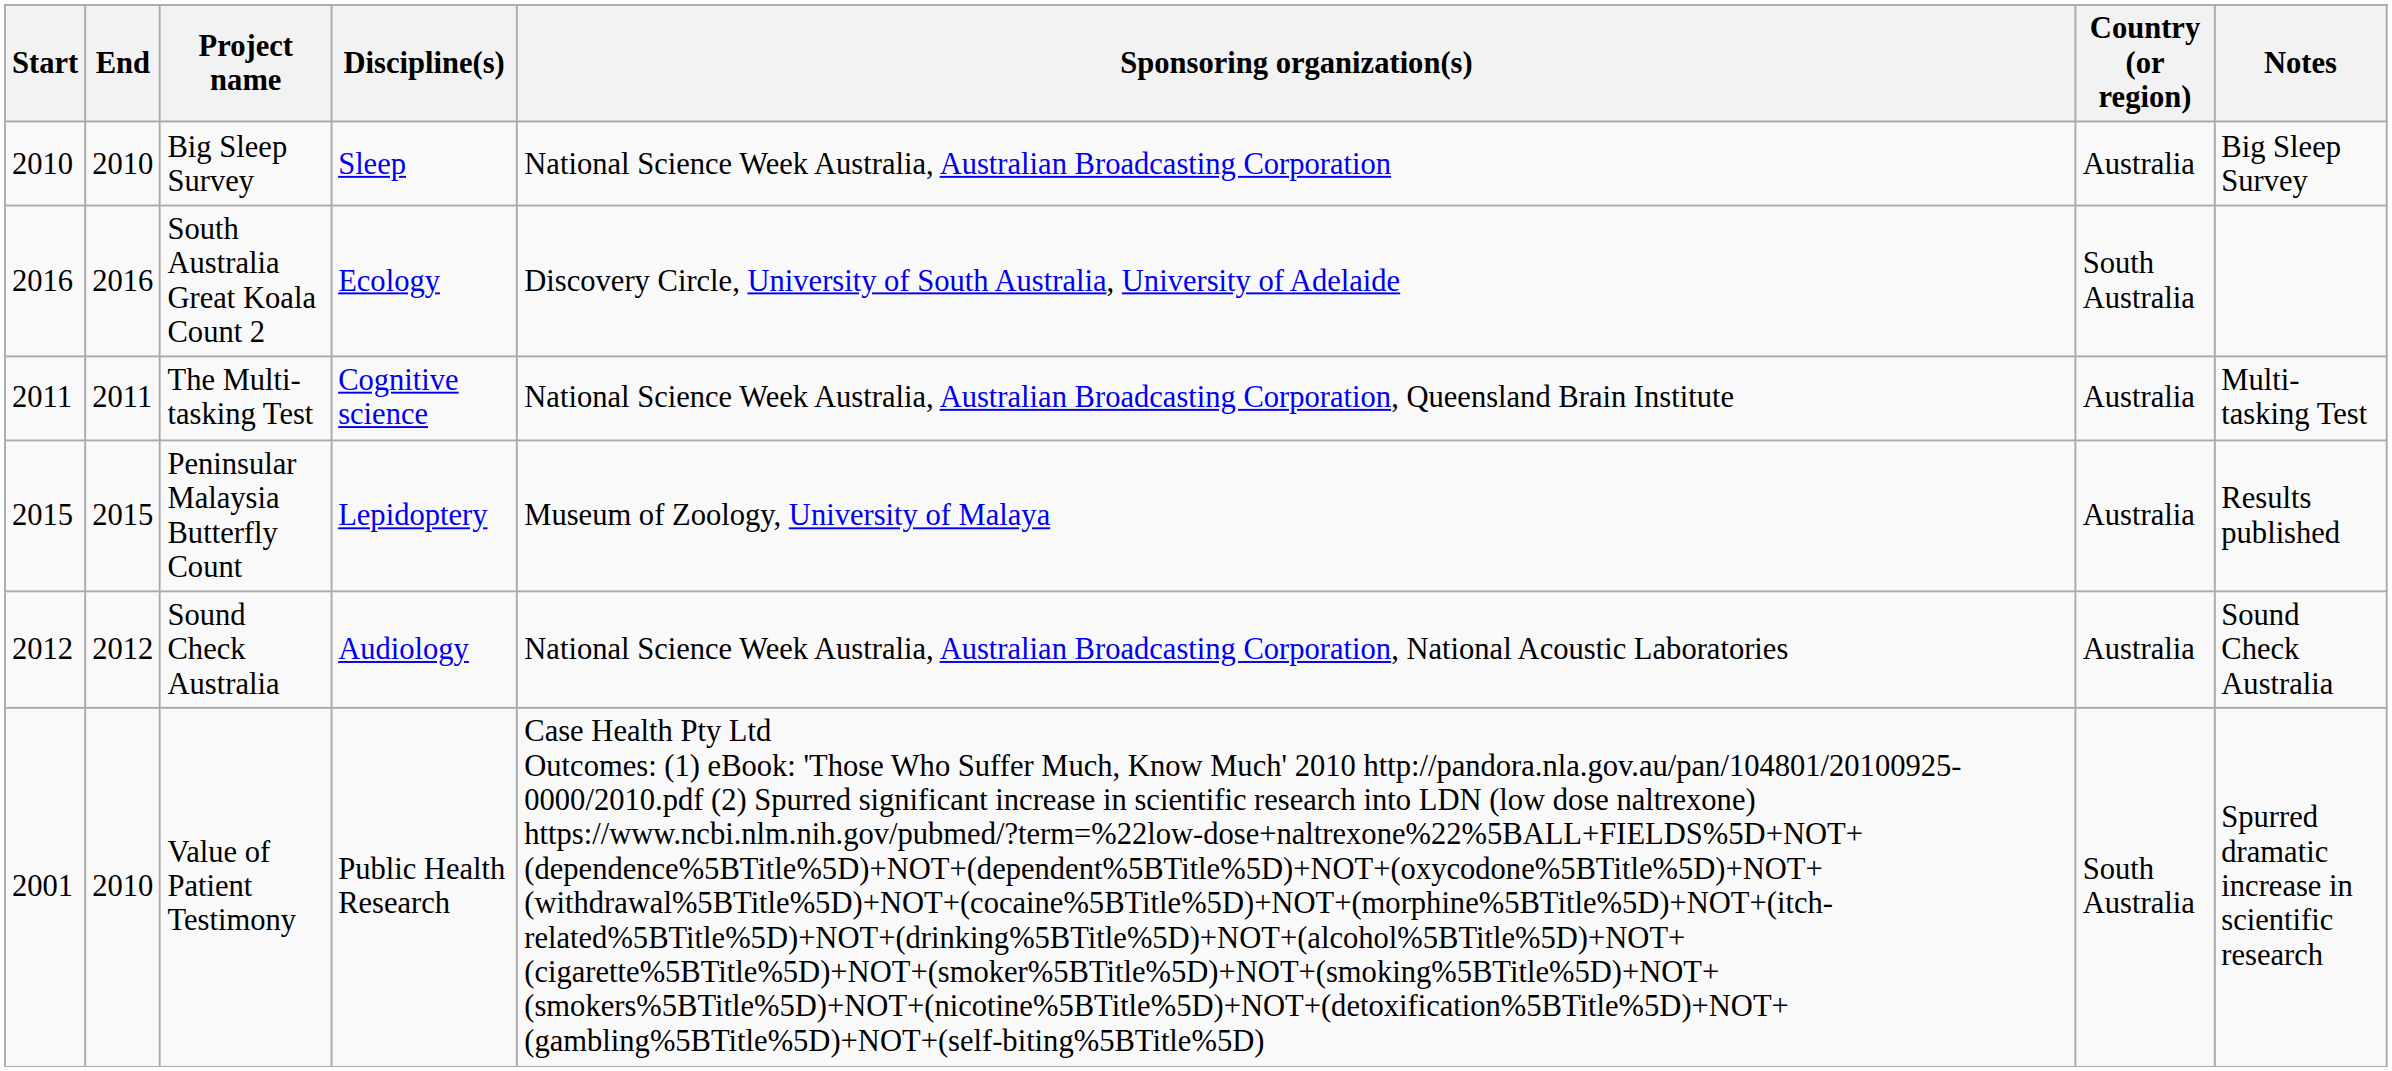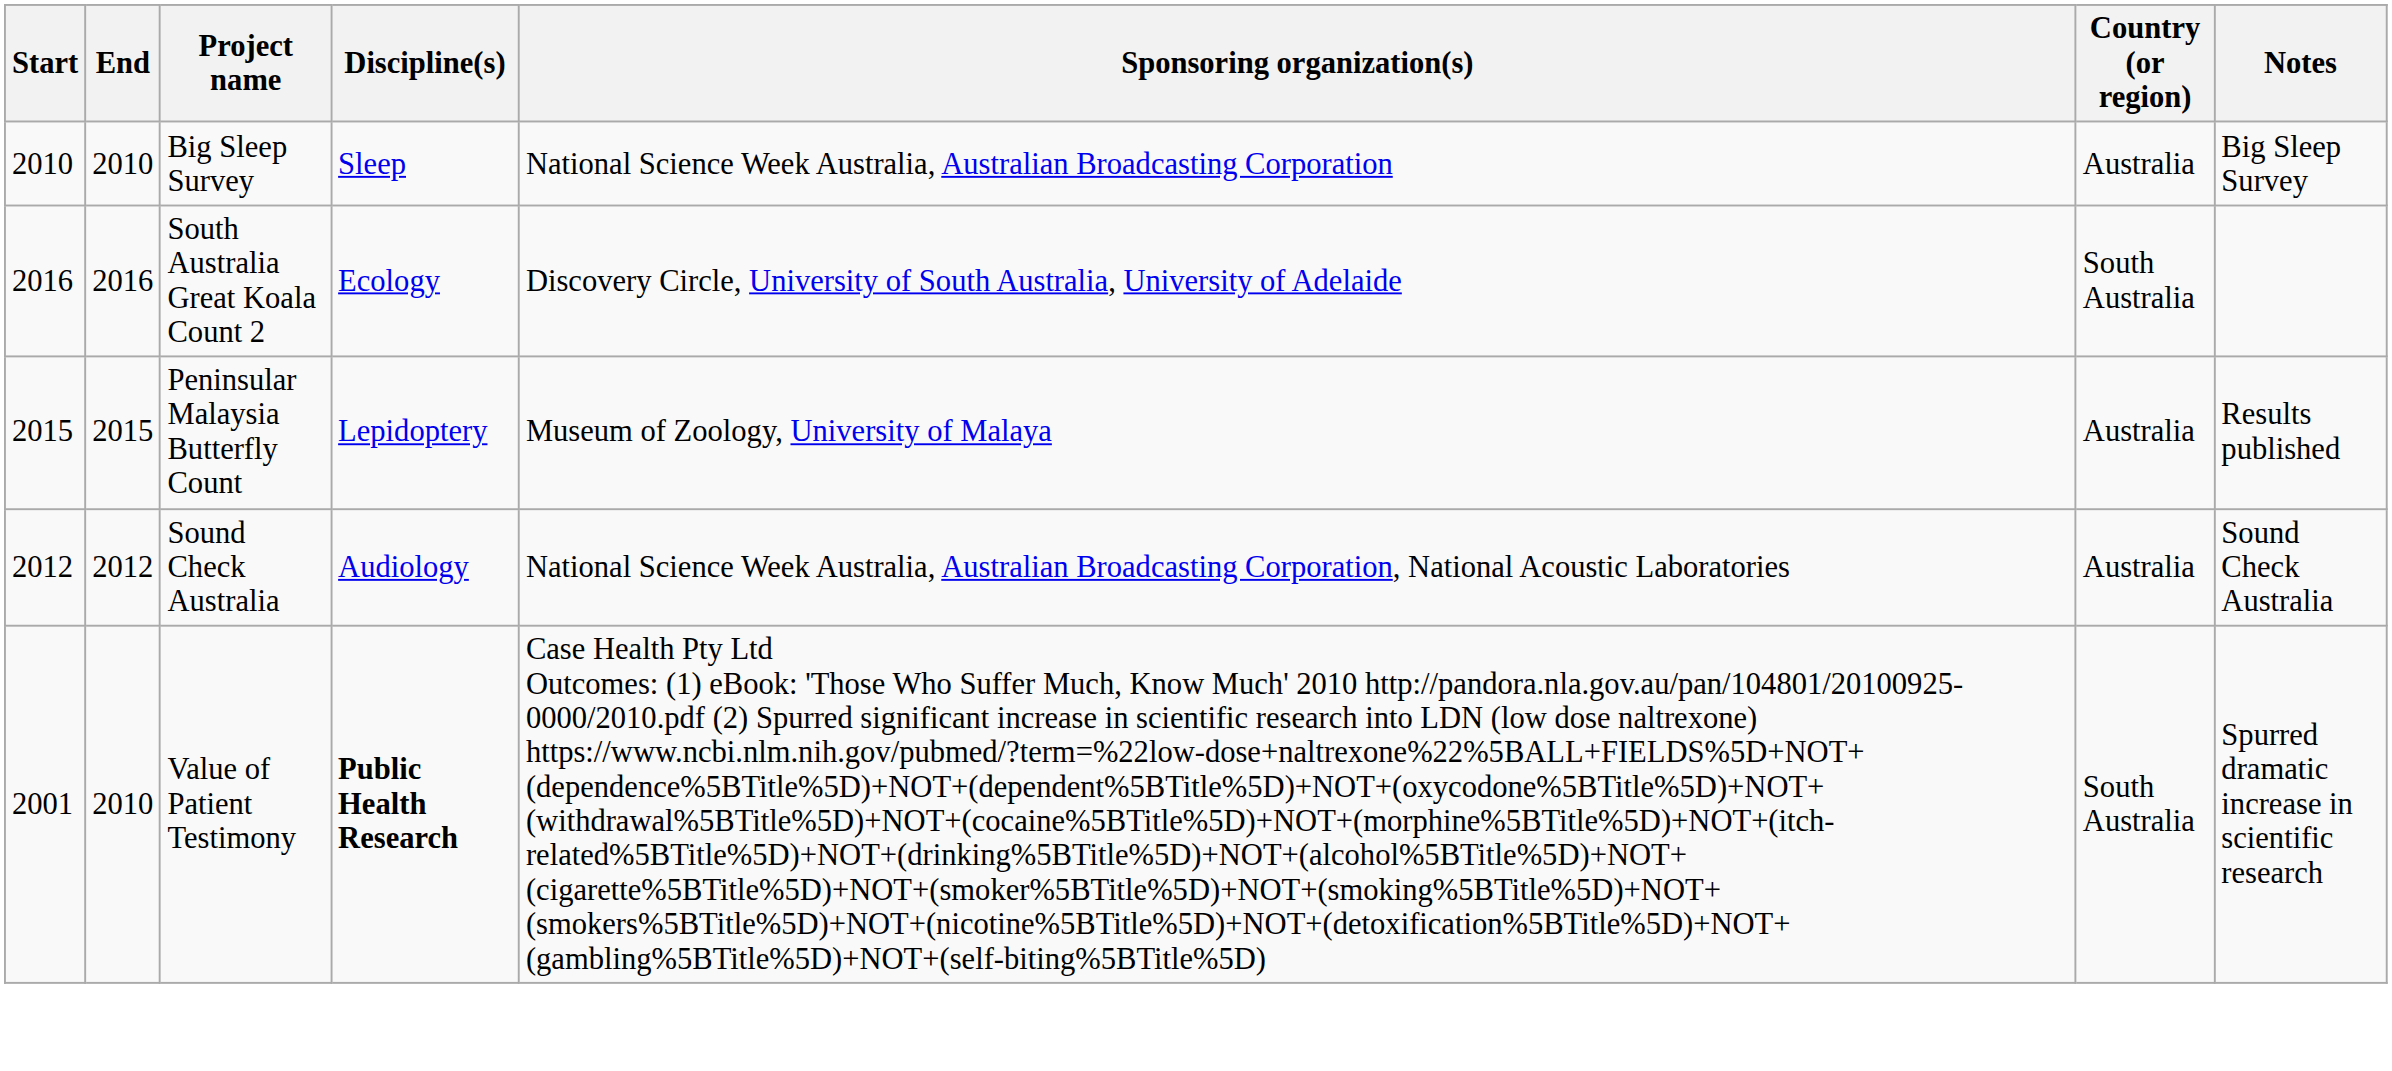 <table class="wikitable sortable">
 <tr>
 <th>Start</th>
 <th>End</th>
 <th>Project name</th>
 <th>Discipline(s)</th>
 <th>Sponsoring organization(s)</th>
 <th>Country (or region)</th>
 <th>Notes</th>
 </tr>
 <tr>
 <td>2010</td>
 <td>2010</td>
 <td>Big Sleep Survey</td>
 <td><a href='#'>Sleep</a></td>
 <td>National Science Week Australia, <a href='#'>Australian Broadcasting Corporation</a></td>
 <td>Australia</td>
 <td>Big Sleep Survey</td>
 </tr>
 <tr>
 <td>2016</td>
 <td>2016</td>
 <td>South Australia Great Koala Count 2</td>
 <td><a href='#'>Ecology</a></td>
 <td>Discovery Circle, <a href='#'>University of South Australia</a>, <a href='#'>University of Adelaide</a></td>
 <td>South Australia</td>
 <td></td>
 </tr>
 <tr>
-<td>2011</td>
-<td>2011</td>
-<td>The Multi-tasking Test</td>
-<td><a href='#'>Cognitive science</a></td>
-<td>National Science Week Australia, <a href='#'>Australian Broadcasting Corporation</a>, Queensland Brain Institute</td>
-<td>Australia</td>
-<td>Multi-tasking Test</td>
-</tr>
-<tr>
 <td>2015</td>
 <td>2015</td>
 <td>Peninsular Malaysia Butterfly Count</td>
 <td><a href='#'>Lepidoptery</a></td>
 <td>Museum of Zoology, <a href='#'>University of Malaya</a></td>
 <td>Australia</td>
 <td>Results published</td>
 </tr>
 <tr>
 <td>2012</td>
 <td>2012</td>
 <td>Sound Check Australia</td>
 <td><a href='#'>Audiology</a></td>
 <td>National Science Week Australia, <a href='#'>Australian Broadcasting Corporation</a>, National Acoustic Laboratories</td>
 <td>Australia</td>
 <td>Sound Check Australia</td>
 </tr>
 <tr>
 <td>2001</td>
 <td>2010</td>
 <td>Value of Patient Testimony</td>
-<td>Public Health Research</td>
+<td><strong>Public Health Research</strong></td>
 <td>Case Health Pty Ltd<br>Outcomes: (1) eBook: 'Those Who Suffer Much, Know Much' 2010 http://pandora.nla.gov.au/pan/104801/20100925-0000/2010.pdf (2) Spurred significant increase in scientific research into LDN (low dose naltrexone) https://www.ncbi.nlm.nih.gov/pubmed/?term=%22low-dose+naltrexone%22%5BALL+FIELDS%5D+NOT+(dependence%5BTitle%5D)+NOT+(dependent%5BTitle%5D)+NOT+(oxycodone%5BTitle%5D)+NOT+(withdrawal%5BTitle%5D)+NOT+(cocaine%5BTitle%5D)+NOT+(morphine%5BTitle%5D)+NOT+(itch-related%5BTitle%5D)+NOT+(drinking%5BTitle%5D)+NOT+(alcohol%5BTitle%5D)+NOT+(cigarette%5BTitle%5D)+NOT+(smoker%5BTitle%5D)+NOT+(smoking%5BTitle%5D)+NOT+(smokers%5BTitle%5D)+NOT+(nicotine%5BTitle%5D)+NOT+(detoxification%5BTitle%5D)+NOT+(gambling%5BTitle%5D)+NOT+(self-biting%5BTitle%5D)</td>
 <td>South Australia</td>
 <td>Spurred dramatic increase in scientific research</td>
 </tr>
 </table>
